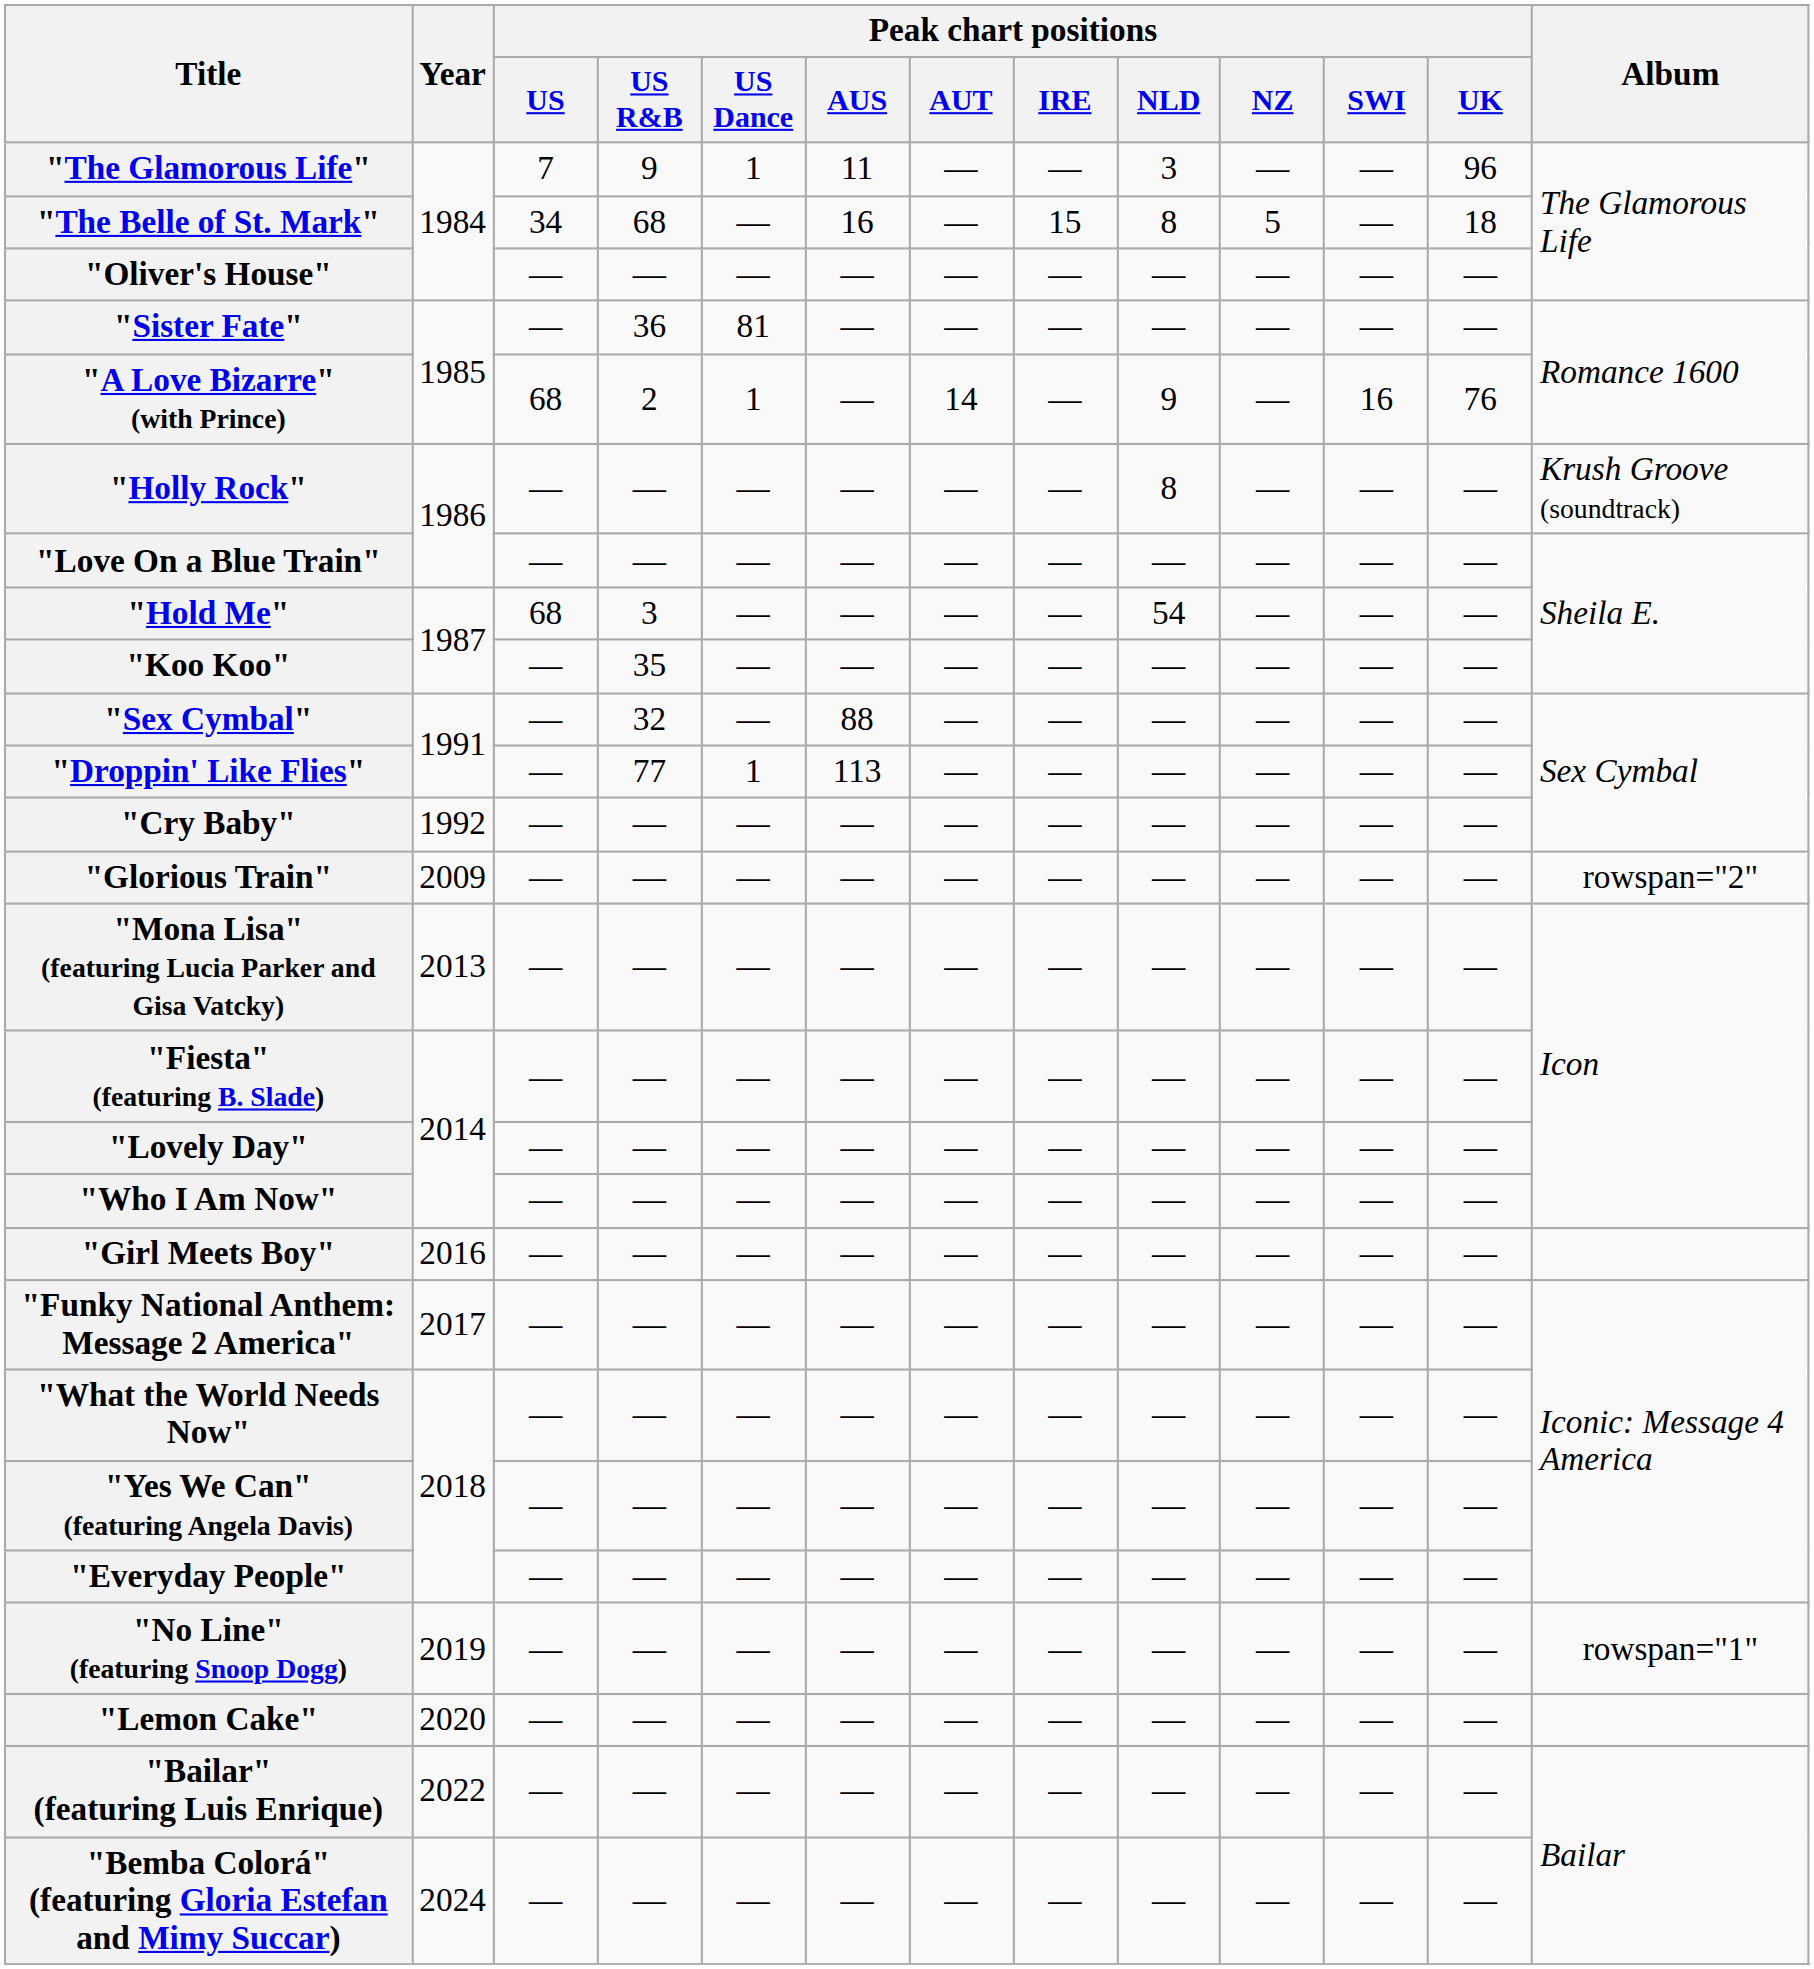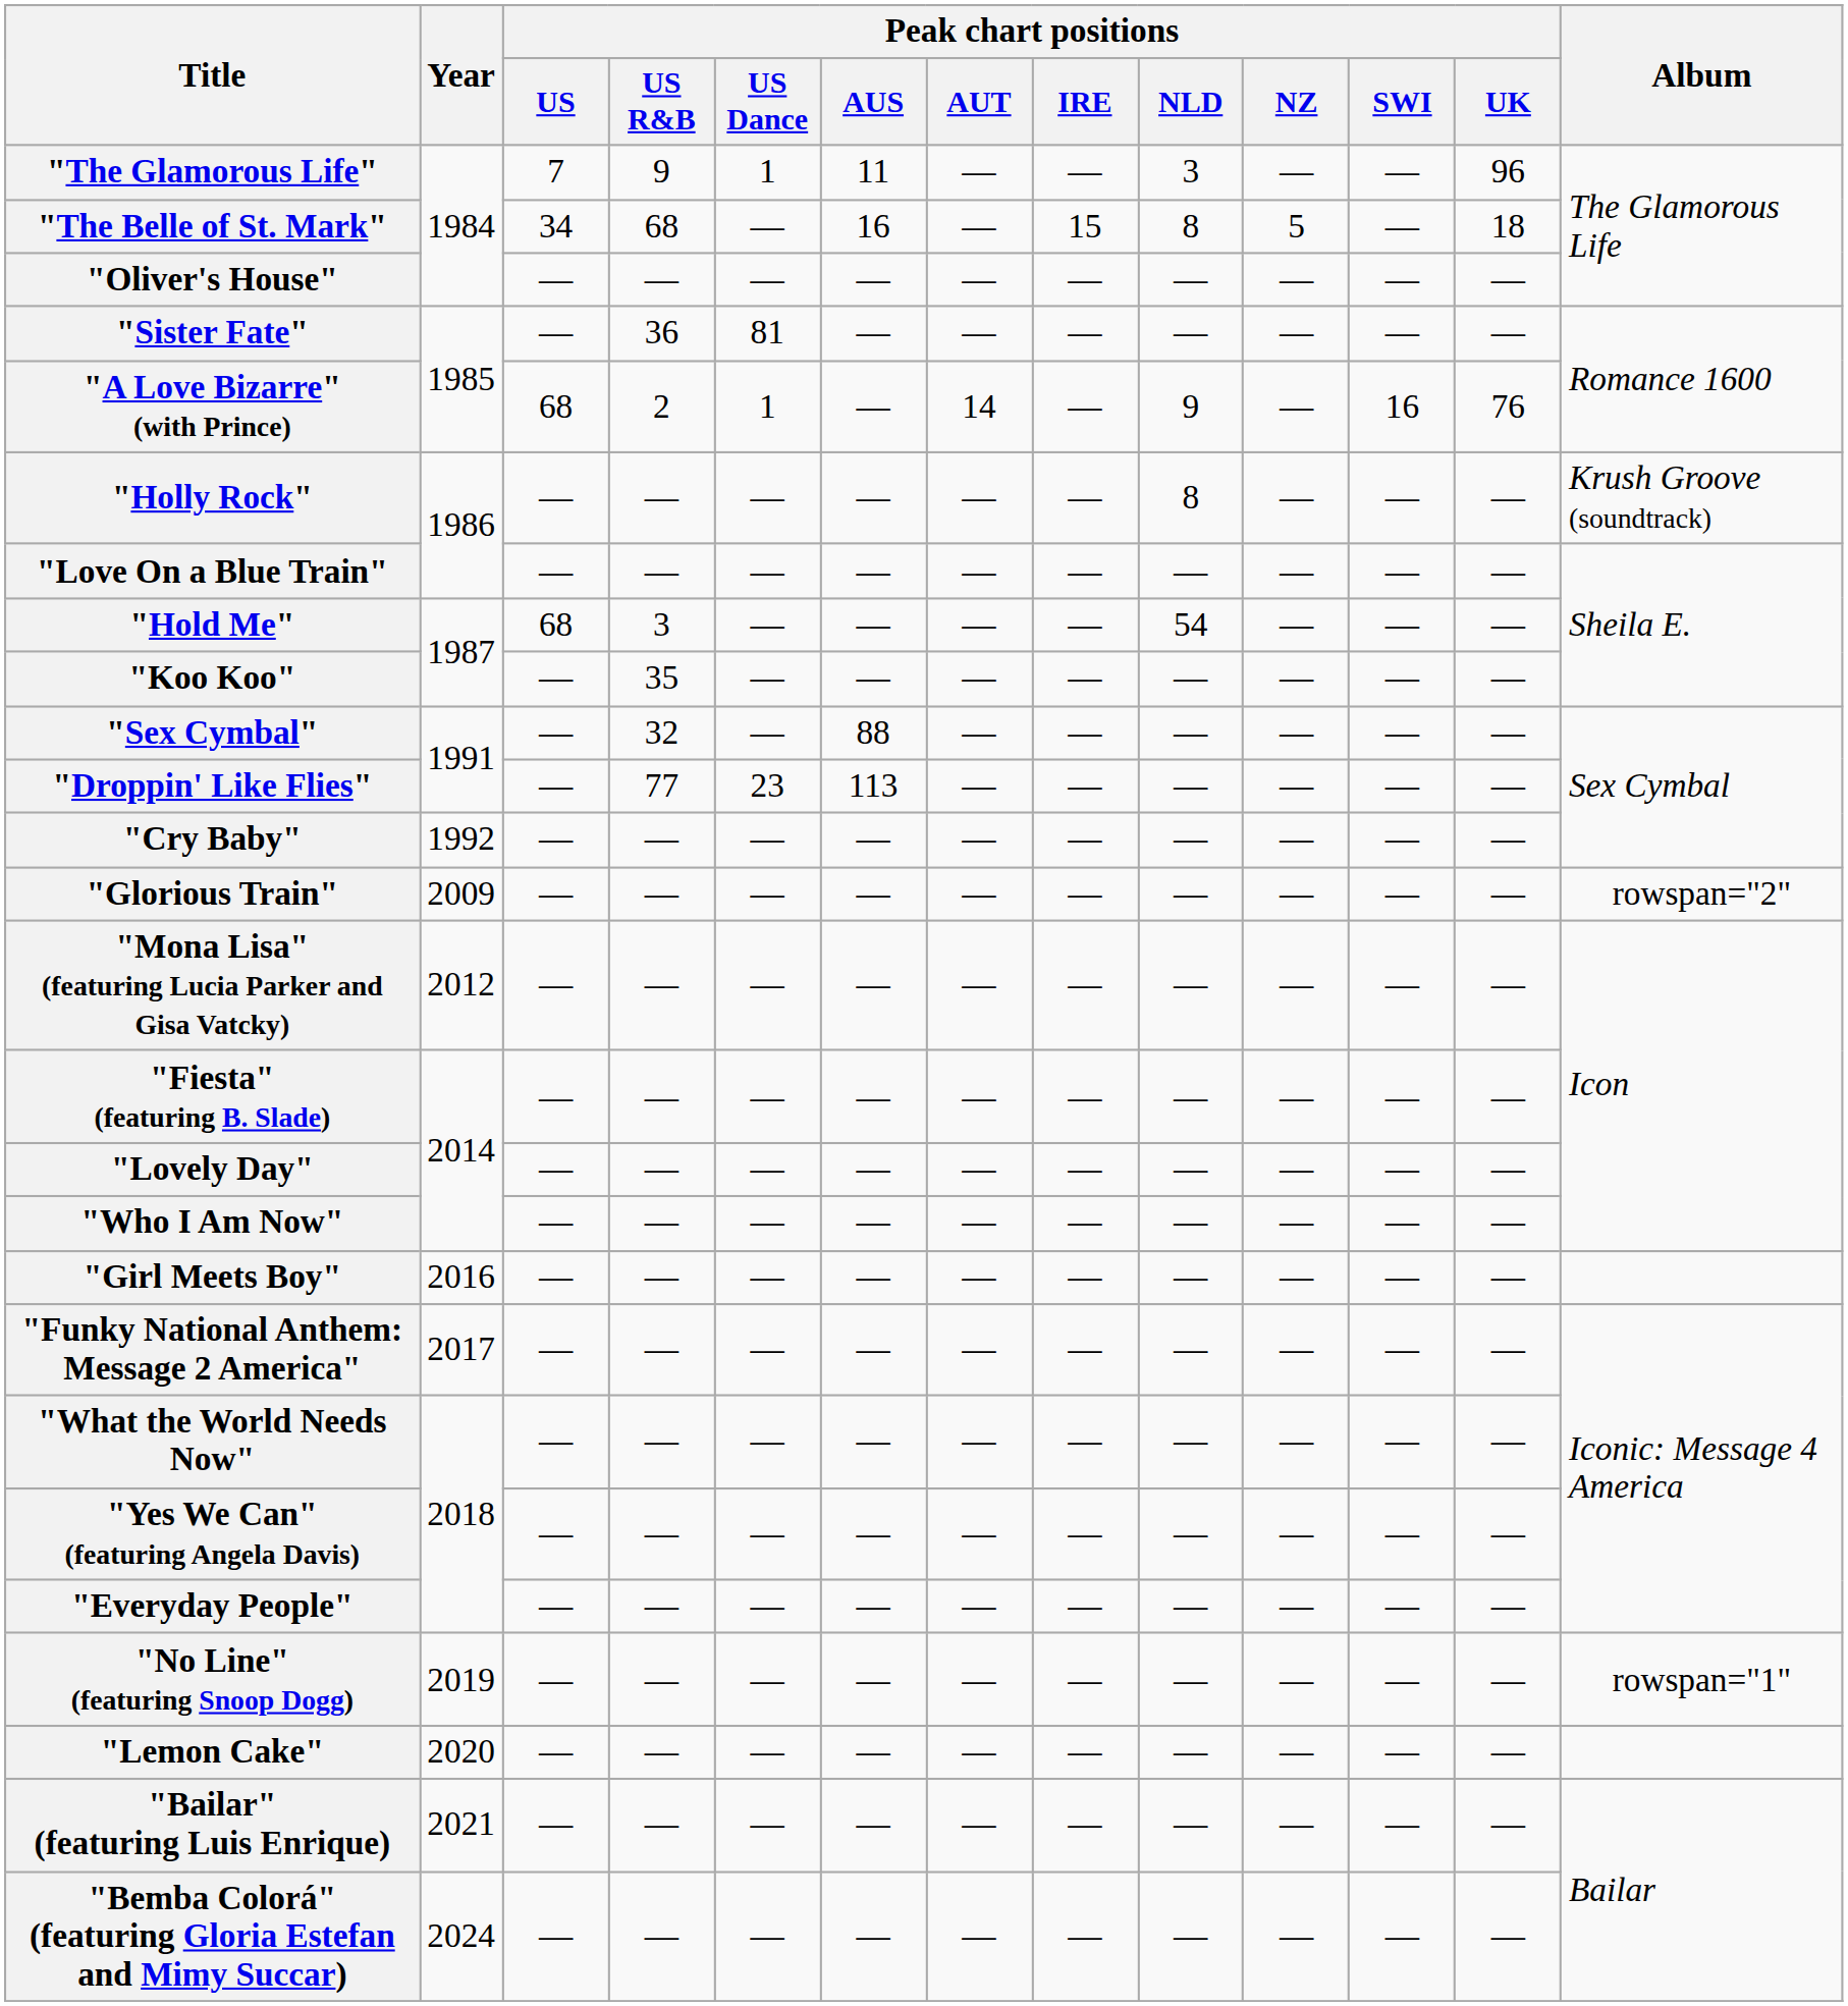 <table class="wikitable plainrowheaders" style="text-align:center;">
 <tr>
 <th scope="col" rowspan="2">Title</th>
 <th scope="col" rowspan="2">Year</th>
 <th scope="col" colspan="10">Peak chart positions</th>
 <th scope="col" rowspan="2">Album</th>
 </tr>
 <tr>
 <th scope="col" style="width:3em;font-size:90%;"><a href='#'>US</a><br></th>
 <th scope="col" style="width:3em;font-size:90%;"><a href='#'>US<br>R&B</a><br></th>
 <th scope="col" style="width:3em;font-size:90%;"><a href='#'>US Dance</a><br></th>
 <th scope="col" style="width:3em;font-size:90%;"><a href='#'>AUS</a><br></th>
 <th scope="col" style="width:3em;font-size:90%;"><a href='#'>AUT</a><br></th>
 <th scope="col" style="width:3em;font-size:90%;"><a href='#'>IRE</a><br></th>
 <th scope="col" style="width:3em;font-size:90%;"><a href='#'>NLD</a><br></th>
 <th scope="col" style="width:3em;font-size:90%;"><a href='#'>NZ</a><br></th>
 <th scope="col" style="width:3em;font-size:90%;"><a href='#'>SWI</a><br></th>
 <th scope="col" style="width:3em;font-size:90%;"><a href='#'>UK</a><br></th>
 </tr>
 <tr>
 <th scope="row">"<a href='#'>The Glamorous Life</a>"</th>
 <td align="left" rowspan="3">1984</td>
 <td>7</td>
 <td>9</td>
 <td>1</td>
 <td>11</td>
 <td>—</td>
 <td>—</td>
 <td>3</td>
 <td>—</td>
 <td>—</td>
 <td>96</td>
 <td style="text-align:left;" rowspan="3"><em>The Glamorous Life</em></td>
 </tr>
 <tr>
 <th scope="row">"<a href='#'>The Belle of St. Mark</a>"</th>
 <td>34</td>
 <td>68</td>
 <td>—</td>
 <td>16</td>
 <td>—</td>
 <td>15</td>
 <td>8</td>
 <td>5</td>
 <td>—</td>
 <td>18</td>
 </tr>
 <tr>
 <th scope="row">"Oliver's House"</th>
 <td>—</td>
 <td>—</td>
 <td>—</td>
 <td>—</td>
 <td>—</td>
 <td>—</td>
 <td>—</td>
 <td>—</td>
 <td>—</td>
 <td>—</td>
 </tr>
 <tr>
 <th scope="row">"<a href='#'>Sister Fate</a>"</th>
 <td align="left" rowspan="2">1985</td>
 <td>—</td>
 <td>36</td>
 <td>81</td>
 <td>—</td>
 <td>—</td>
 <td>—</td>
 <td>—</td>
 <td>—</td>
 <td>—</td>
 <td>—</td>
 <td style="text-align:left;" rowspan="2"><em>Romance 1600</em></td>
 </tr>
 <tr>
 <th scope="row">"<a href='#'>A Love Bizarre</a>"<br><small>(with Prince)</small></th>
 <td>68</td>
 <td>2</td>
 <td>1</td>
 <td>—</td>
 <td>14</td>
 <td>—</td>
 <td>9</td>
 <td>—</td>
 <td>16</td>
 <td>76</td>
 </tr>
 <tr>
 <th scope="row">"<a href='#'>Holly Rock</a>"</th>
 <td align="left" rowspan="2">1986</td>
 <td>—</td>
 <td>—</td>
 <td>—</td>
 <td>—</td>
 <td>—</td>
 <td>—</td>
 <td>8</td>
 <td>—</td>
 <td>—</td>
 <td>—</td>
 <td style="text-align:left;"><em>Krush Groove</em> <small>(soundtrack)</small></td>
 </tr>
 <tr>
 <th scope="row">"Love On a Blue Train"</th>
 <td>—</td>
 <td>—</td>
 <td>—</td>
 <td>—</td>
 <td>—</td>
 <td>—</td>
 <td>—</td>
 <td>—</td>
 <td>—</td>
 <td>—</td>
 <td style="text-align:left;" rowspan="3"><em>Sheila E.</em></td>
 </tr>
 <tr>
 <th scope="row">"<a href='#'>Hold Me</a>"</th>
 <td align="left" rowspan="2">1987</td>
 <td>68</td>
 <td>3</td>
 <td>—</td>
 <td>—</td>
 <td>—</td>
 <td>—</td>
 <td>54</td>
 <td>—</td>
 <td>—</td>
 <td>—</td>
 </tr>
 <tr>
 <th scope="row">"Koo Koo"</th>
 <td>—</td>
 <td>35</td>
 <td>—</td>
 <td>—</td>
 <td>—</td>
 <td>—</td>
 <td>—</td>
 <td>—</td>
 <td>—</td>
 <td>—</td>
 </tr>
 <tr>
 <th scope="row">"<a href='#'>Sex Cymbal</a>"</th>
 <td align="left" rowspan="2">1991</td>
 <td>—</td>
 <td>32</td>
 <td>—</td>
 <td>88</td>
 <td>—</td>
 <td>—</td>
 <td>—</td>
 <td>—</td>
 <td>—</td>
 <td>—</td>
 <td style="text-align:left;" rowspan="3"><em>Sex Cymbal</em></td>
 </tr>
 <tr>
 <th scope="row">"<a href='#'>Droppin' Like Flies</a>"</th>
 <td>—</td>
 <td>77</td>
-<td>1</td>
+<td>23</td>
 <td>113</td>
 <td>—</td>
 <td>—</td>
 <td>—</td>
 <td>—</td>
 <td>—</td>
 <td>—</td>
 </tr>
 <tr>
 <th scope="row">"Cry Baby"</th>
 <td align="left" rowspan="1">1992</td>
 <td>—</td>
 <td>—</td>
 <td>—</td>
 <td>—</td>
 <td>—</td>
 <td>—</td>
 <td>—</td>
 <td>—</td>
 <td>—</td>
 <td>—</td>
 </tr>
 <tr>
 <th scope="row">"Glorious Train"</th>
 <td align="left" rowspan="1">2009</td>
 <td>—</td>
 <td>—</td>
 <td>—</td>
 <td>—</td>
 <td>—</td>
 <td>—</td>
 <td>—</td>
 <td>—</td>
 <td>—</td>
 <td>—</td>
 <td>rowspan="2" </td>
 </tr>
 <tr>
 <th scope="row">"Mona Lisa"<br><small>(featuring Lucia Parker and Gisa Vatcky)</small></th>
-<td align="left">2013</td>
+<td align="left">2012</td>
 <td>—</td>
 <td>—</td>
 <td>—</td>
 <td>—</td>
 <td>—</td>
 <td>—</td>
 <td>—</td>
 <td>—</td>
 <td>—</td>
 <td>—</td>
 <td style="text-align:left;" rowspan="4"><em>Icon</em></td>
 </tr>
 <tr>
 <th scope="row">"Fiesta"<br><small>(featuring <a href='#'>B. Slade</a>)</small></th>
 <td align="left" rowspan="3">2014</td>
 <td>—</td>
 <td>—</td>
 <td>—</td>
 <td>—</td>
 <td>—</td>
 <td>—</td>
 <td>—</td>
 <td>—</td>
 <td>—</td>
 <td>—</td>
 </tr>
 <tr>
 <th scope="row">"Lovely Day"</th>
 <td>—</td>
 <td>—</td>
 <td>—</td>
 <td>—</td>
 <td>—</td>
 <td>—</td>
 <td>—</td>
 <td>—</td>
 <td>—</td>
 <td>—</td>
 </tr>
 <tr>
 <th scope="row">"Who I Am Now"</th>
 <td>—</td>
 <td>—</td>
 <td>—</td>
 <td>—</td>
 <td>—</td>
 <td>—</td>
 <td>—</td>
 <td>—</td>
 <td>—</td>
 <td>—</td>
 </tr>
 <tr>
 <th scope="row">"Girl Meets Boy"</th>
 <td align="left">2016</td>
 <td>—</td>
 <td>—</td>
 <td>—</td>
 <td>—</td>
 <td>—</td>
 <td>—</td>
 <td>—</td>
 <td>—</td>
 <td>—</td>
 <td>—</td>
 <td></td>
 </tr>
 <tr>
 <th scope="row">"Funky National Anthem: Message 2 America"</th>
 <td align="left">2017</td>
 <td>—</td>
 <td>—</td>
 <td>—</td>
 <td>—</td>
 <td>—</td>
 <td>—</td>
 <td>—</td>
 <td>—</td>
 <td>—</td>
 <td>—</td>
 <td style="text-align:left;" rowspan="4"><em>Iconic: Message 4 America</em></td>
 </tr>
 <tr>
 <th scope="row">"What the World Needs Now"</th>
 <td align="left" rowspan="3">2018</td>
 <td>—</td>
 <td>—</td>
 <td>—</td>
 <td>—</td>
 <td>—</td>
 <td>—</td>
 <td>—</td>
 <td>—</td>
 <td>—</td>
 <td>—</td>
 </tr>
 <tr>
 <th scope="row">"Yes We Can"<br><small>(featuring Angela Davis)</small></th>
 <td>—</td>
 <td>—</td>
 <td>—</td>
 <td>—</td>
 <td>—</td>
 <td>—</td>
 <td>—</td>
 <td>—</td>
 <td>—</td>
 <td>—</td>
 </tr>
 <tr>
 <th scope="row">"Everyday People"</th>
 <td>—</td>
 <td>—</td>
 <td>—</td>
 <td>—</td>
 <td>—</td>
 <td>—</td>
 <td>—</td>
 <td>—</td>
 <td>—</td>
 <td>—</td>
 </tr>
 <tr>
 <th scope="row">"No Line"<br><small>(featuring <a href='#'>Snoop Dogg</a>)</small></th>
 <td align="left">2019</td>
 <td>—</td>
 <td>—</td>
 <td>—</td>
 <td>—</td>
 <td>—</td>
 <td>—</td>
 <td>—</td>
 <td>—</td>
 <td>—</td>
 <td>—</td>
 <td>rowspan="1" </td>
 </tr>
 <tr>
 <th scope="row">"Lemon Cake"</th>
 <td align="left">2020</td>
 <td>—</td>
 <td>—</td>
 <td>—</td>
 <td>—</td>
 <td>—</td>
 <td>—</td>
 <td>—</td>
 <td>—</td>
 <td>—</td>
 <td>—</td>
 </tr>
 <tr>
 <th scope="row">"Bailar"<br>(featuring Luis Enrique)</th>
-<td align="left">2022</td>
+<td align="left">2021</td>
 <td>—</td>
 <td>—</td>
 <td>—</td>
 <td>—</td>
 <td>—</td>
 <td>—</td>
 <td>—</td>
 <td>—</td>
 <td>—</td>
 <td>—</td>
 <td style="text-align:left;" rowspan="2"><em>Bailar</em></td>
 </tr>
 <tr>
 <th scope="row">"Bemba Colorá"<br>(featuring <a href='#'>Gloria Estefan</a> and <a href='#'>Mimy Succar</a>)</th>
 <td align="left">2024</td>
 <td>—</td>
 <td>—</td>
 <td>—</td>
 <td>—</td>
 <td>—</td>
 <td>—</td>
 <td>—</td>
 <td>—</td>
 <td>—</td>
 <td>—</td>
 </tr>
 <tr>
 </tr>
 </table>
